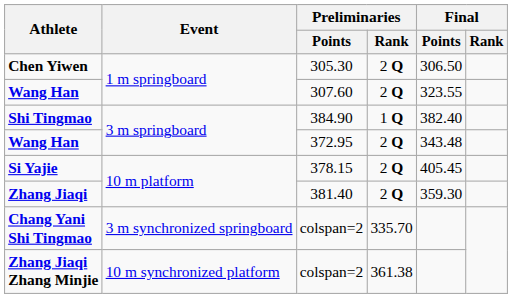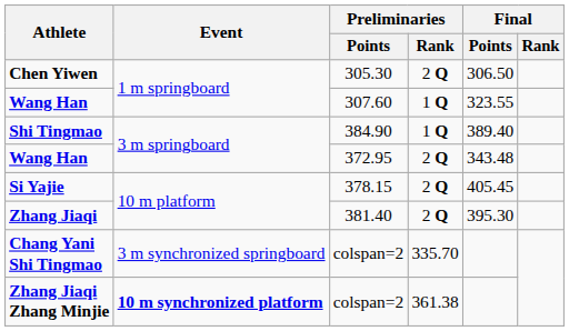 <table class=wikitable style=font-size:90%;text-align:center>
 <tr>
 <th rowspan="2">Athlete</th>
 <th rowspan="2">Event</th>
 <th colspan="2">Preliminaries</th>
 <th colspan="2">Final</th>
 </tr>
 <tr style="font-size:95%">
 <th>Points</th>
 <th>Rank</th>
 <th>Points</th>
 <th>Rank</th>
 </tr>
 <tr>
 <td align=left><strong>	Chen Yiwen</strong></td>
 <td align=left rowspan=2><a href='#'>1 m springboard</a></td>
 <td>305.30</td>
 <td>2 <strong>Q</strong></td>
 <td>306.50</td>
 <td></td>
 </tr>
 <tr>
 <td align=left><strong><a href='#'>Wang Han</a></strong></td>
 <td>307.60</td>
-<td>2 <strong>Q</strong></td>
+<td>1 <strong>Q</strong></td>
 <td>323.55</td>
 <td></td>
 </tr>
 <tr>
 <td align=left><strong><a href='#'>Shi Tingmao</a></strong></td>
 <td align=left rowspan=2><a href='#'>3 m springboard</a></td>
 <td>384.90</td>
 <td>1 <strong>Q</strong></td>
-<td>382.40</td>
+<td>389.40</td>
 <td></td>
 </tr>
 <tr>
 <td align=left><strong><a href='#'>Wang Han</a></strong></td>
 <td>372.95</td>
 <td>2 <strong>Q</strong></td>
 <td>343.48</td>
 <td></td>
 </tr>
 <tr>
 <td align=left><strong><a href='#'>Si Yajie</a></strong></td>
 <td align=left rowspan=2><a href='#'>10 m platform</a></td>
 <td>378.15</td>
 <td>2 <strong>Q</strong></td>
 <td>405.45</td>
 <td></td>
 </tr>
 <tr>
 <td align=left><strong><a href='#'>Zhang Jiaqi</a></strong></td>
 <td>381.40</td>
 <td>2 <strong>Q</strong></td>
-<td>359.30</td>
+<td>395.30</td>
 <td></td>
 </tr>
 <tr>
 <td align=left><strong><a href='#'>Chang Yani</a><br><a href='#'>Shi Tingmao</a></strong></td>
 <td align=left><a href='#'>3 m synchronized springboard</a></td>
 <td>colspan=2 </td>
 <td>335.70</td>
 <td></td>
 </tr>
 <tr>
 <td align=left><strong><a href='#'>Zhang Jiaqi</a><br>Zhang Minjie</strong></td>
-<td align=left><a href='#'>10 m synchronized platform</a></td>
+<td align=left><strong><a href='#'>10 m synchronized platform</a></strong></td>
 <td>colspan=2 </td>
 <td>361.38</td>
 <td></td>
 </tr>
 </table>
